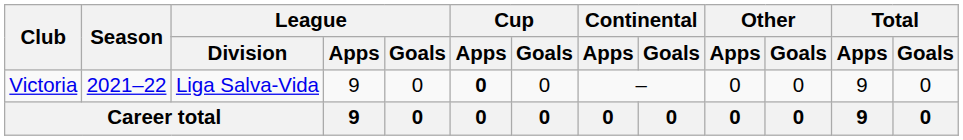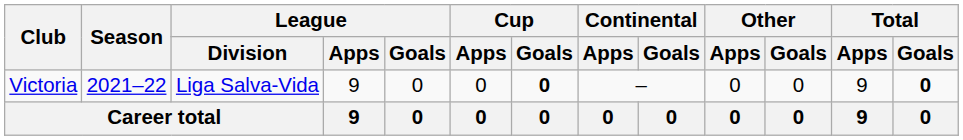 <table class="wikitable" style="text-align: center">
 <tr>
 <th rowspan="2">Club</th>
 <th rowspan="2">Season</th>
 <th colspan="3">League</th>
 <th colspan="2">Cup</th>
 <th colspan="2">Continental</th>
 <th colspan="2">Other</th>
 <th colspan="2">Total</th>
 </tr>
 <tr>
 <th>Division</th>
 <th>Apps</th>
 <th>Goals</th>
 <th>Apps</th>
 <th>Goals</th>
 <th>Apps</th>
 <th>Goals</th>
 <th>Apps</th>
 <th>Goals</th>
 <th>Apps</th>
 <th>Goals</th>
 </tr>
 <tr>
 <td><a href='#'>Victoria</a></td>
 <td><a href='#'>2021–22</a></td>
 <td><a href='#'>Liga Salva-Vida</a></td>
 <td>9</td>
 <td>0</td>
+<td>0</td>
 <td><strong>0</strong></td>
-<td>0</td>
 <td colspan="2">–</td>
 <td>0</td>
 <td>0</td>
 <td>9</td>
-<td>0</td>
+<td><strong>0</strong></td>
 </tr>
 <tr>
 <th colspan=3>Career total</th>
 <th>9</th>
 <th>0</th>
 <th>0</th>
 <th>0</th>
 <th>0</th>
 <th>0</th>
 <th>0</th>
 <th>0</th>
 <th>9</th>
 <th>0</th>
 </tr>
 </table>
